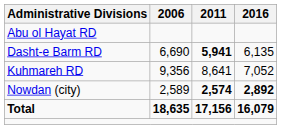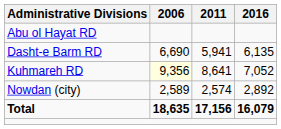 <table class="wikitable">
 <tr>
 <th>Administrative Divisions</th>
 <th>2006</th>
 <th>2011</th>
 <th>2016</th>
 </tr>
 <tr>
 <td><a href='#'>Abu ol Hayat RD</a></td>
 <td style="text-align: right;"></td>
 <td style="text-align: right;"></td>
 <td style="text-align: right;"></td>
 </tr>
 <tr>
 <td><a href='#'>Dasht-e Barm RD</a></td>
 <td style="text-align: right;">6,690</td>
-<td style="text-align: right;"><strong>5,941</strong></td>
+<td style="text-align: right;">5,941</td>
 <td style="text-align: right;">6,135</td>
 </tr>
 <tr>
 <td><a href='#'>Kuhmareh RD</a></td>
-<td style="text-align: right;">9,356</td>
+<td style="background: lightyellow; text-align: right;">9,356</td>
 <td style="text-align: right;">8,641</td>
 <td style="text-align: right;">7,052</td>
 </tr>
 <tr>
 <td><a href='#'>Nowdan</a> (city)</td>
 <td style="text-align: right;">2,589</td>
-<td style="text-align: right;"><strong>2,574</strong></td>
-<td style="text-align: right;"><strong>2,892</strong></td>
+<td style="text-align: right;">2,574</td>
+<td style="text-align: right;">2,892</td>
 </tr>
 <tr>
 <td><strong>Total</strong></td>
 <td style="text-align: right;"><strong>18,635</strong></td>
 <td style="text-align: right;"><strong>17,156</strong></td>
 <td style="text-align: right;"><strong>16,079</strong></td>
 </tr>
 <tr>
 <td colspan=4></td>
 </tr>
 </table>
